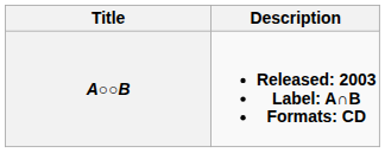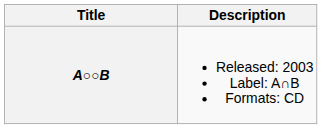 <table class="wikitable plainrowheaders" style="text-align:center;">
 <tr>
 <th scope="col" style="width:12em;">Title</th>
 <th scope="col">Description</th>
 </tr>
 <tr>
 <th scope="row"><em>A○○B</em></th>
-<td><strong><br><ul><li>Released: 2003</li><li>Label: A∩B</li><li>Formats: CD</li></ul></strong></td>
+<td><br><ul><li>Released: 2003</li><li>Label: A∩B</li><li>Formats: CD</li></ul></td>
 </tr>
 </table>
